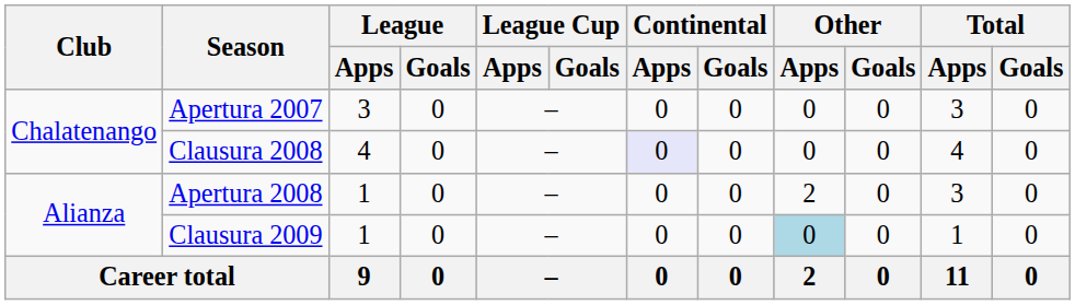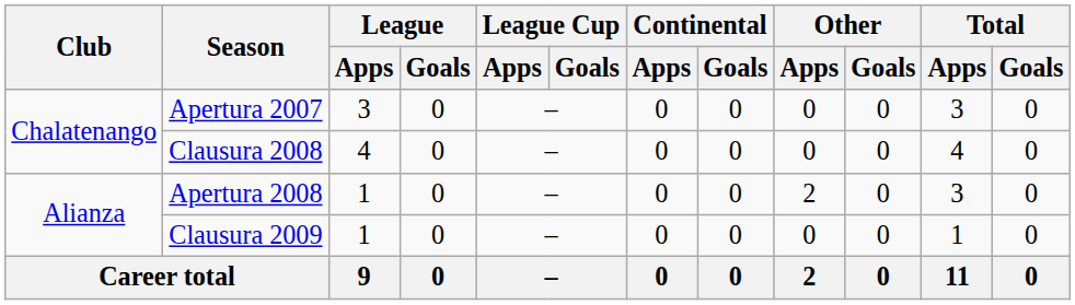 <table class="wikitable" style="text-align: center;">
 <tr>
 <th rowspan="2">Club</th>
 <th rowspan="2">Season</th>
 <th colspan="2">League</th>
 <th colspan="2">League Cup</th>
 <th colspan="2">Continental</th>
 <th colspan="2">Other</th>
 <th colspan="2">Total</th>
 </tr>
 <tr>
 <th>Apps</th>
 <th>Goals</th>
 <th>Apps</th>
 <th>Goals</th>
 <th>Apps</th>
 <th>Goals</th>
 <th>Apps</th>
 <th>Goals</th>
 <th>Apps</th>
 <th>Goals</th>
 </tr>
 <tr>
 <td rowspan="2" valign="center"><a href='#'>Chalatenango</a></td>
 <td><a href='#'>Apertura 2007</a></td>
 <td>3</td>
 <td>0</td>
 <td colspan="2">–</td>
 <td>0</td>
 <td>0</td>
 <td>0</td>
 <td>0</td>
 <td>3</td>
 <td>0</td>
 </tr>
 <tr>
 <td><a href='#'>Clausura 2008</a></td>
 <td>4</td>
 <td>0</td>
 <td colspan="2">–</td>
-<td style="background: lavender;">0</td>
+<td>0</td>
 <td>0</td>
 <td>0</td>
 <td>0</td>
 <td>4</td>
 <td>0</td>
 </tr>
 <tr>
 <td rowspan="2" valign="center"><a href='#'>Alianza</a></td>
 <td><a href='#'>Apertura 2008</a></td>
 <td>1</td>
 <td>0</td>
 <td colspan="2">–</td>
 <td>0</td>
 <td>0</td>
 <td>2</td>
 <td>0</td>
 <td>3</td>
 <td>0</td>
 </tr>
 <tr>
 <td><a href='#'>Clausura 2009</a></td>
 <td>1</td>
 <td>0</td>
 <td colspan="2">–</td>
 <td>0</td>
 <td>0</td>
-<td style="background: lightblue;">0</td>
+<td>0</td>
 <td>0</td>
 <td>1</td>
 <td>0</td>
 </tr>
 <tr>
 <th colspan="2">Career total</th>
 <th>9</th>
 <th>0</th>
 <th colspan="2">–</th>
 <th>0</th>
 <th>0</th>
 <th>2</th>
 <th>0</th>
 <th>11</th>
 <th>0</th>
 </tr>
 </table>
